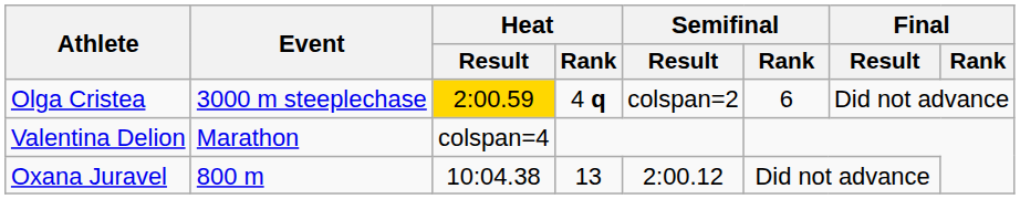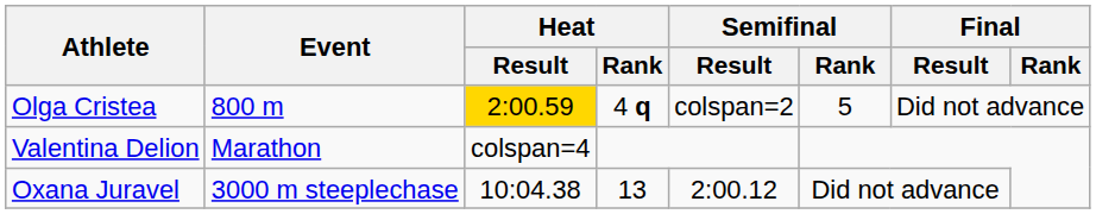 <table class=wikitable style="font-size:90%">
 <tr>
 <th rowspan="2">Athlete</th>
 <th rowspan="2">Event</th>
 <th colspan="2">Heat</th>
 <th colspan="2">Semifinal</th>
 <th colspan="2">Final</th>
 </tr>
 <tr style="font-size:95%">
 <th>Result</th>
 <th>Rank</th>
 <th>Result</th>
 <th>Rank</th>
 <th>Result</th>
 <th>Rank</th>
 </tr>
 <tr align=center>
 <td align=left><a href='#'>Olga Cristea</a></td>
-<td align=left><a href='#'>3000 m steeplechase</a></td>
+<td align=left><a href='#'>800 m</a></td>
 <td style="background: gold;">2:00.59</td>
 <td>4 <strong>q</strong></td>
 <td>colspan=2 </td>
-<td>6</td>
+<td>5</td>
 <td colspan=2>Did not advance</td>
 </tr>
 <tr align=center>
 <td align=left><a href='#'>Valentina Delion</a></td>
 <td align=left><a href='#'>Marathon</a></td>
 <td>colspan=4 </td>
 <td colspan=2></td>
 </tr>
 <tr align=center>
 <td align=left><a href='#'>Oxana Juravel</a></td>
-<td align=left><a href='#'>800 m</a></td>
+<td align=left><a href='#'>3000 m steeplechase</a></td>
 <td>10:04.38</td>
 <td>13</td>
 <td>2:00.12</td>
 <td colspan=2>Did not advance</td>
 </tr>
 </table>
